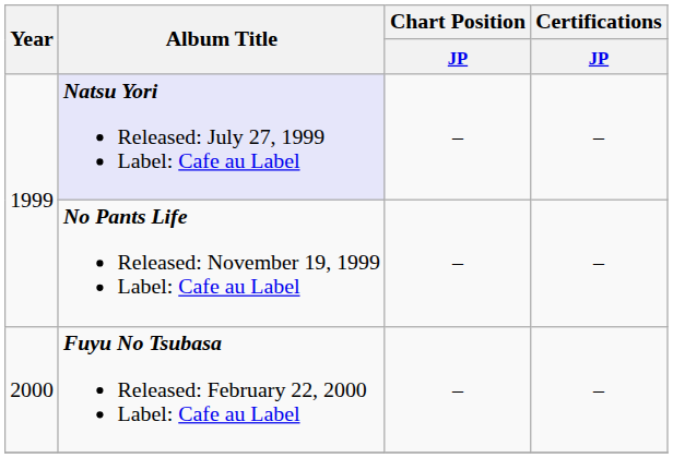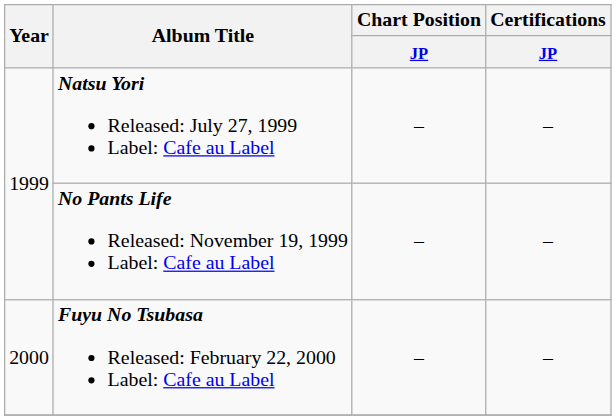 <table class="wikitable">
 <tr>
 <th align="center" rowspan="2">Year</th>
 <th align="center" rowspan="2">Album Title</th>
 <th align="center">Chart Position</th>
 <th align="center">Certifications</th>
 </tr>
 <tr>
 <th align="center"><small><a href='#'>JP</a></small></th>
 <th align="center"><small><a href='#'>JP</a></small></th>
 </tr>
 <tr>
 <td align="center" rowspan="2">1999</td>
-<td align="left" style="background: lavender;"><strong><em>Natsu Yori</em></strong><br><ul><li>Released: July 27, 1999</li><li>Label: <a href='#'>Cafe au Label</a></li></ul></td>
+<td align="left"><strong><em>Natsu Yori</em></strong><br><ul><li>Released: July 27, 1999</li><li>Label: <a href='#'>Cafe au Label</a></li></ul></td>
 <td align="center">–</td>
 <td align="center">–</td>
 </tr>
 <tr>
 <td align="left"><strong><em>No Pants Life</em></strong><br><ul><li>Released: November 19, 1999</li><li>Label: <a href='#'>Cafe au Label</a></li></ul></td>
 <td align="center">–</td>
 <td align="center">–</td>
 </tr>
 <tr>
 <td align="center" rowspan="1">2000</td>
 <td align="left"><strong><em>Fuyu No Tsubasa</em></strong><br><ul><li>Released: February 22, 2000</li><li>Label: <a href='#'>Cafe au Label</a></li></ul></td>
 <td align="center">–</td>
 <td align="center">–</td>
 </tr>
 <tr>
 </tr>
 </table>
